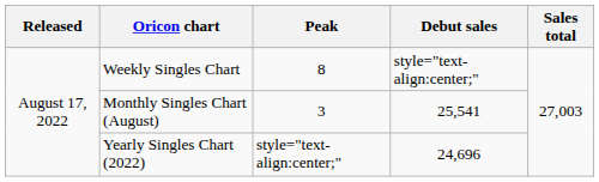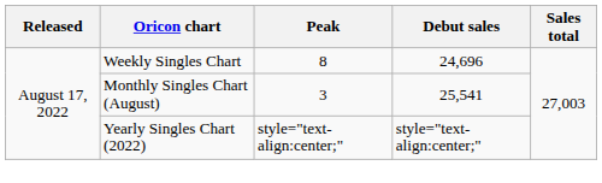 <table class="wikitable" style="width:600px;">
 <tr>
 <th style="text-align:center;">Released</th>
 <th style="text-align:center;"><a href='#'>Oricon</a> chart</th>
 <th style="text-align:center;">Peak</th>
 <th style="text-align:center;">Debut sales</th>
 <th style="text-align:center;">Sales total</th>
 </tr>
 <tr>
 <td style="text-align:center;" rowspan="3">August 17, 2022</td>
 <td align="left">Weekly Singles Chart</td>
 <td style="text-align:center;">8</td>
-<td>style="text-align:center;" </td>
+<td style="text-align:center;">24,696</td>
 <td style="text-align:center;" rowspan="3">27,003</td>
 </tr>
 <tr>
 <td align="left">Monthly Singles Chart (August)</td>
 <td style="text-align:center;">3</td>
 <td style="text-align:center;">25,541</td>
 </tr>
 <tr>
 <td align="left">Yearly Singles Chart (2022)</td>
 <td>style="text-align:center;" </td>
-<td style="text-align:center;">24,696</td>
+<td>style="text-align:center;" </td>
 </tr>
 </table>
